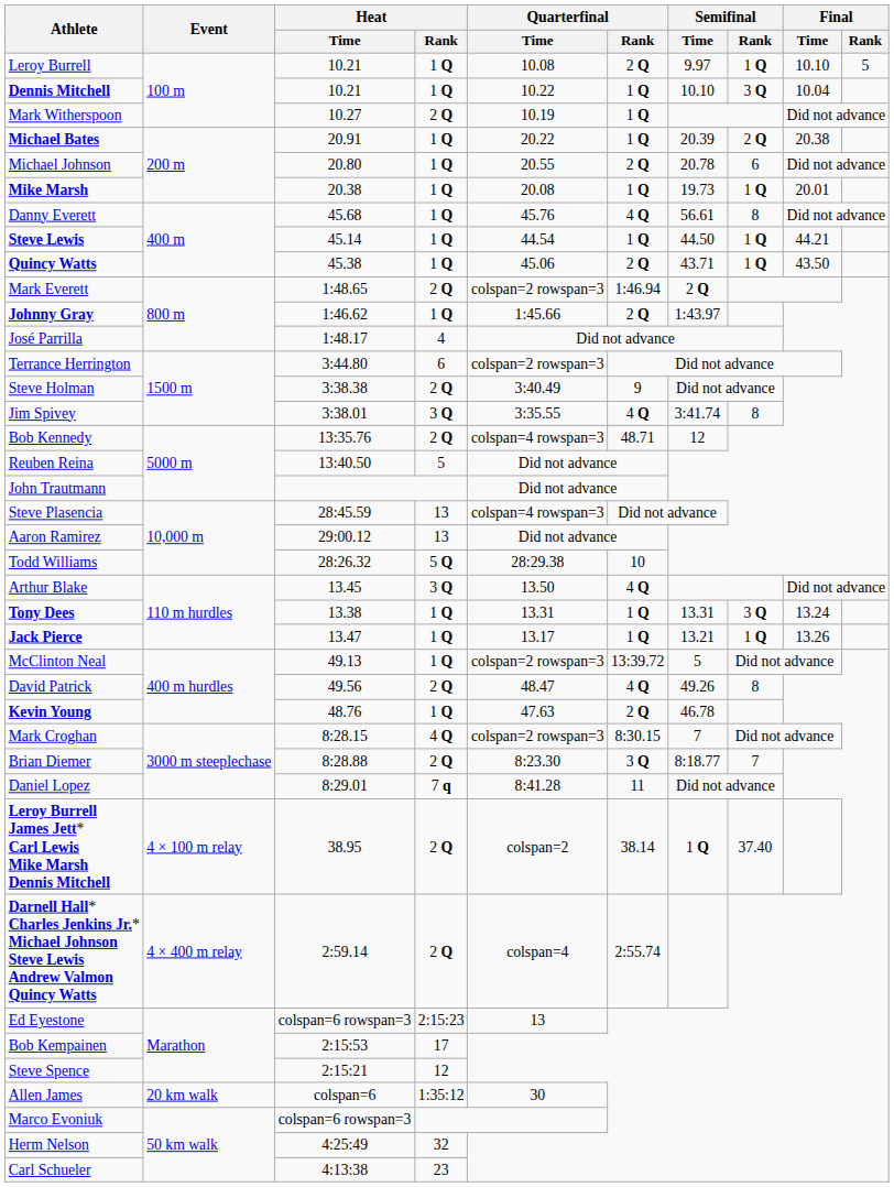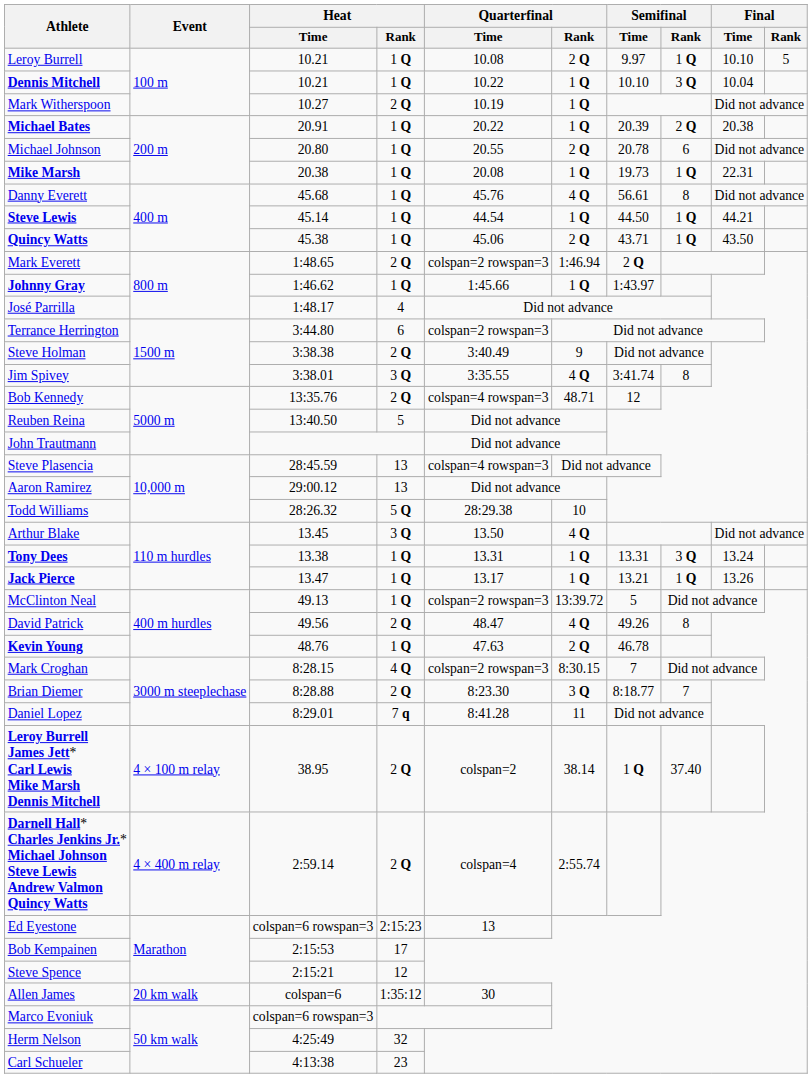 <table class=wikitable style=font-size:90%;text-align:center>
 <tr>
 <th rowspan=2>Athlete</th>
 <th rowspan=2>Event</th>
 <th colspan=2>Heat</th>
 <th colspan=2>Quarterfinal</th>
 <th colspan=2>Semifinal</th>
 <th colspan=2>Final</th>
 </tr>
 <tr style=font-size:95%>
 <th>Time</th>
 <th>Rank</th>
 <th>Time</th>
 <th>Rank</th>
 <th>Time</th>
 <th>Rank</th>
 <th>Time</th>
 <th>Rank</th>
 </tr>
 <tr>
 <td align=left><a href='#'>Leroy Burrell</a></td>
 <td align=left rowspan=3><a href='#'>100 m</a></td>
 <td>10.21</td>
 <td>1 <strong>Q</strong></td>
 <td>10.08</td>
 <td>2 <strong>Q</strong></td>
 <td>9.97</td>
 <td>1 <strong>Q</strong></td>
 <td>10.10</td>
 <td>5</td>
 </tr>
 <tr>
 <td align=left><strong><a href='#'>Dennis Mitchell</a></strong></td>
 <td>10.21</td>
 <td>1 <strong>Q</strong></td>
 <td>10.22</td>
 <td>1 <strong>Q</strong></td>
 <td>10.10</td>
 <td>3 <strong>Q</strong></td>
 <td>10.04</td>
 <td></td>
 </tr>
 <tr>
 <td align=left><a href='#'>Mark Witherspoon</a></td>
 <td>10.27</td>
 <td>2 <strong>Q</strong></td>
 <td>10.19</td>
 <td>1 <strong>Q</strong></td>
 <td colspan=2></td>
 <td colspan=2>Did not advance</td>
 </tr>
 <tr>
 <td align=left><strong><a href='#'>Michael Bates</a></strong></td>
 <td align=left rowspan=3><a href='#'>200 m</a></td>
 <td>20.91</td>
 <td>1 <strong>Q</strong></td>
 <td>20.22</td>
 <td>1 <strong>Q</strong></td>
 <td>20.39</td>
 <td>2 <strong>Q</strong></td>
 <td>20.38</td>
 <td></td>
 </tr>
 <tr>
 <td align=left><a href='#'>Michael Johnson</a></td>
 <td>20.80</td>
 <td>1 <strong>Q</strong></td>
 <td>20.55</td>
 <td>2 <strong>Q</strong></td>
 <td>20.78</td>
 <td>6</td>
 <td colspan=2>Did not advance</td>
 </tr>
 <tr>
 <td align=left><strong><a href='#'>Mike Marsh</a></strong></td>
 <td>20.38</td>
 <td>1 <strong>Q</strong></td>
 <td>20.08</td>
 <td>1 <strong>Q</strong></td>
 <td>19.73</td>
 <td>1 <strong>Q</strong></td>
-<td>20.01</td>
+<td>22.31</td>
 <td></td>
 </tr>
 <tr>
 <td align=left><a href='#'>Danny Everett</a></td>
 <td align=left rowspan=3><a href='#'>400 m</a></td>
 <td>45.68</td>
 <td>1 <strong>Q</strong></td>
 <td>45.76</td>
 <td>4 <strong>Q</strong></td>
 <td>56.61</td>
 <td>8</td>
 <td colspan=2>Did not advance</td>
 </tr>
 <tr>
 <td align=left><strong><a href='#'>Steve Lewis</a></strong></td>
 <td>45.14</td>
 <td>1 <strong>Q</strong></td>
 <td>44.54</td>
 <td>1 <strong>Q</strong></td>
 <td>44.50</td>
 <td>1 <strong>Q</strong></td>
 <td>44.21</td>
 <td></td>
 </tr>
 <tr>
 <td align=left><strong><a href='#'>Quincy Watts</a></strong></td>
 <td>45.38</td>
 <td>1 <strong>Q</strong></td>
 <td>45.06</td>
 <td>2 <strong>Q</strong></td>
 <td>43.71 </td>
 <td>1 <strong>Q</strong></td>
 <td>43.50 </td>
 <td></td>
 </tr>
 <tr>
 <td align=left><a href='#'>Mark Everett</a></td>
 <td align=left rowspan=3><a href='#'>800 m</a></td>
 <td>1:48.65</td>
 <td>2 <strong>Q</strong></td>
 <td>colspan=2 rowspan=3 </td>
 <td>1:46.94</td>
 <td>2 <strong>Q</strong></td>
 <td colspan=2></td>
 </tr>
 <tr>
 <td align=left><strong><a href='#'>Johnny Gray</a></strong></td>
 <td>1:46.62</td>
 <td>1 <strong>Q</strong></td>
 <td>1:45.66</td>
-<td>2 <strong>Q</strong></td>
+<td>1 <strong>Q</strong></td>
 <td>1:43.97</td>
 <td></td>
 </tr>
 <tr>
 <td align=left><a href='#'>José Parrilla</a></td>
 <td>1:48.17</td>
 <td>4</td>
 <td colspan=4>Did not advance</td>
 </tr>
 <tr>
 <td align=left><a href='#'>Terrance Herrington</a></td>
 <td align=left rowspan=3><a href='#'>1500 m</a></td>
 <td>3:44.80</td>
 <td>6</td>
 <td>colspan=2 rowspan=3 </td>
 <td colspan=4>Did not advance</td>
 </tr>
 <tr>
 <td align=left><a href='#'>Steve Holman</a></td>
 <td>3:38.38</td>
 <td>2 <strong>Q</strong></td>
 <td>3:40.49</td>
 <td>9</td>
 <td colspan=2>Did not advance</td>
 </tr>
 <tr>
 <td align=left><a href='#'>Jim Spivey</a></td>
 <td>3:38.01</td>
 <td>3 <strong>Q</strong></td>
 <td>3:35.55</td>
 <td>4 <strong>Q</strong></td>
 <td>3:41.74</td>
 <td>8</td>
 </tr>
 <tr>
 <td align=left><a href='#'>Bob Kennedy</a></td>
 <td align=left rowspan=3><a href='#'>5000 m</a></td>
 <td>13:35.76</td>
 <td>2 <strong>Q</strong></td>
 <td>colspan=4 rowspan=3 </td>
 <td>48.71</td>
 <td>12</td>
 </tr>
 <tr>
 <td align=left><a href='#'>Reuben Reina</a></td>
 <td>13:40.50</td>
 <td>5</td>
 <td colspan=2>Did not advance</td>
 </tr>
 <tr>
 <td align=left><a href='#'>John Trautmann</a></td>
 <td colspan=2></td>
 <td colspan=2>Did not advance</td>
 </tr>
 <tr>
 <td align=left><a href='#'>Steve Plasencia</a></td>
 <td align=left rowspan=3><a href='#'>10,000 m</a></td>
 <td>28:45.59</td>
 <td>13</td>
 <td>colspan=4 rowspan=3 </td>
 <td colspan=2>Did not advance</td>
 </tr>
 <tr>
 <td align=left><a href='#'>Aaron Ramirez</a></td>
 <td>29:00.12</td>
 <td>13</td>
 <td colspan=2>Did not advance</td>
 </tr>
 <tr>
 <td align=left><a href='#'>Todd Williams</a></td>
 <td>28:26.32</td>
 <td>5 <strong>Q</strong></td>
 <td>28:29.38</td>
 <td>10</td>
 </tr>
 <tr>
 <td align=left><a href='#'>Arthur Blake</a></td>
 <td align=left rowspan=3><a href='#'>110 m hurdles</a></td>
 <td>13.45</td>
 <td>3 <strong>Q</strong></td>
 <td>13.50</td>
 <td>4 <strong>Q</strong></td>
 <td colspan=2></td>
 <td colspan=2>Did not advance</td>
 </tr>
 <tr>
 <td align=left><strong><a href='#'>Tony Dees</a></strong></td>
 <td>13.38</td>
 <td>1 <strong>Q</strong></td>
 <td>13.31</td>
 <td>1 <strong>Q</strong></td>
 <td>13.31</td>
 <td>3 <strong>Q</strong></td>
 <td>13.24</td>
 <td></td>
 </tr>
 <tr>
 <td align=left><strong><a href='#'>Jack Pierce</a></strong></td>
 <td>13.47</td>
 <td>1 <strong>Q</strong></td>
 <td>13.17</td>
 <td>1 <strong>Q</strong></td>
 <td>13.21</td>
 <td>1 <strong>Q</strong></td>
 <td>13.26</td>
 <td></td>
 </tr>
 <tr>
 <td align=left><a href='#'>McClinton Neal</a></td>
 <td align=left rowspan=3><a href='#'>400 m hurdles</a></td>
 <td>49.13</td>
 <td>1 <strong>Q</strong></td>
 <td>colspan=2 rowspan=3 </td>
 <td>13:39.72</td>
 <td>5</td>
 <td colspan=2>Did not advance</td>
 </tr>
 <tr>
 <td align=left><a href='#'>David Patrick</a></td>
 <td>49.56</td>
 <td>2 <strong>Q</strong></td>
 <td>48.47</td>
 <td>4 <strong>Q</strong></td>
 <td>49.26</td>
 <td>8</td>
 </tr>
 <tr>
 <td align=left><strong><a href='#'>Kevin Young</a></strong></td>
 <td>48.76</td>
 <td>1 <strong>Q</strong></td>
 <td>47.63</td>
 <td>2 <strong>Q</strong></td>
 <td>46.78 </td>
 <td></td>
 </tr>
 <tr>
 <td align=left><a href='#'>Mark Croghan</a></td>
 <td align=left rowspan=3><a href='#'>3000 m steeplechase</a></td>
 <td>8:28.15</td>
 <td>4 <strong>Q</strong></td>
 <td>colspan=2 rowspan=3 </td>
 <td>8:30.15</td>
 <td>7</td>
 <td colspan=2>Did not advance</td>
 </tr>
 <tr>
 <td align=left><a href='#'>Brian Diemer</a></td>
 <td>8:28.88</td>
 <td>2 <strong>Q</strong></td>
 <td>8:23.30</td>
 <td>3 <strong>Q</strong></td>
 <td>8:18.77</td>
 <td>7</td>
 </tr>
 <tr>
 <td align=left><a href='#'>Daniel Lopez</a></td>
 <td>8:29.01</td>
 <td>7 <strong>q</strong></td>
 <td>8:41.28</td>
 <td>11</td>
 <td colspan=2>Did not advance</td>
 </tr>
 <tr>
 <td align=left><strong><a href='#'>Leroy Burrell</a><br><a href='#'>James Jett</a></strong>*<strong><br><a href='#'>Carl Lewis</a><br><a href='#'>Mike Marsh</a><br><a href='#'>Dennis Mitchell</a></strong></td>
 <td align=left><a href='#'>4 × 100 m relay</a></td>
 <td>38.95</td>
 <td>2 <strong>Q</strong></td>
 <td>colspan=2 </td>
 <td>38.14</td>
 <td>1 <strong>Q</strong></td>
 <td>37.40 </td>
 <td></td>
 </tr>
 <tr>
 <td align=left><strong><a href='#'>Darnell Hall</a></strong>*<strong><br><a href='#'>Charles Jenkins Jr.</a></strong>*<strong><br><a href='#'>Michael Johnson</a><br><a href='#'>Steve Lewis</a><br><a href='#'>Andrew Valmon</a><br><a href='#'>Quincy Watts</a></strong></td>
 <td align=left><a href='#'>4 × 400 m relay</a></td>
 <td>2:59.14</td>
 <td>2 <strong>Q</strong></td>
 <td>colspan=4 </td>
 <td>2:55.74 </td>
 <td></td>
 </tr>
 <tr>
 <td align=left><a href='#'>Ed Eyestone</a></td>
 <td align=left rowspan=3><a href='#'>Marathon</a></td>
 <td>colspan=6 rowspan=3 </td>
 <td>2:15:23</td>
 <td>13</td>
 </tr>
 <tr>
 <td align=left><a href='#'>Bob Kempainen</a></td>
 <td>2:15:53</td>
 <td>17</td>
 </tr>
 <tr>
 <td align=left><a href='#'>Steve Spence</a></td>
 <td>2:15:21</td>
 <td>12</td>
 </tr>
 <tr>
 <td align=left><a href='#'>Allen James</a></td>
 <td align=left><a href='#'>20 km walk</a></td>
 <td>colspan=6 </td>
 <td>1:35:12</td>
 <td>30</td>
 </tr>
 <tr>
 <td align=left><a href='#'>Marco Evoniuk</a></td>
 <td align=left rowspan=3><a href='#'>50 km walk</a></td>
 <td>colspan=6 rowspan=3 </td>
 <td colspan=2></td>
 </tr>
 <tr>
 <td align=left><a href='#'>Herm Nelson</a></td>
 <td>4:25:49</td>
 <td>32</td>
 </tr>
 <tr>
 <td align=left><a href='#'>Carl Schueler</a></td>
 <td>4:13:38</td>
 <td>23</td>
 </tr>
 </table>
